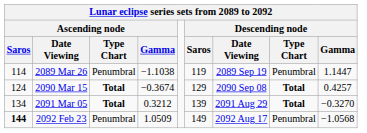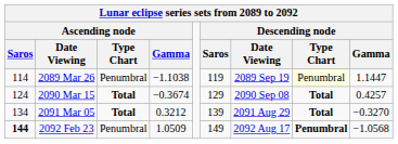 <table class="wikitable mw-collapsible mw-collapsed">
 <tr>
 <th class="nowrap" colspan="9"><a href='#'>Lunar eclipse</a> series sets from 2089 to 2092</th>
 </tr>
 <tr>
 <th scope="col" colspan="4">Ascending node</th>
 <td rowspan="11"> </td>
 <th scope="col" colspan="4">Descending node</th>
 </tr>
 <tr style="text-align: center;">
 <th scope="col"><a href='#'>Saros</a></th>
 <th scope="col">Date<br>Viewing</th>
 <th scope="col">Type<br>Chart</th>
 <th scope="col"><a href='#'>Gamma</a></th>
 <th scope="col">Saros</th>
 <th scope="col">Date<br>Viewing</th>
 <th scope="col">Type<br>Chart</th>
 <th scope="col">Gamma</th>
 </tr>
 <tr style="text-align: center;">
 <td>114</td>
 <td><a href='#'>2089 Mar 26</a><br></td>
 <td style="text-align:center;">Penumbral<br></td>
 <td>−1.1038</td>
 <td>119</td>
 <td><a href='#'>2089 Sep 19</a><br></td>
-<td style="text-align:center;">Penumbral<br></td>
+<td style="background: lightyellow; text-align:center;">Penumbral<br></td>
 <td>1.1447</td>
 </tr>
 <tr style="text-align: center;">
 <td>124</td>
 <td style="text-align:center;vertical-align:top;"><a href='#'>2090 Mar 15</a><br></td>
 <td style="text-align:center;"><strong>Total</strong><br></td>
 <td>−0.3674</td>
 <td>129</td>
 <td><a href='#'>2090 Sep 08</a><br></td>
 <td style="text-align:center;"><strong>Total</strong><br></td>
 <td>0.4257</td>
 </tr>
 <tr style="text-align: center;">
 <td>134</td>
 <td><a href='#'>2091 Mar 05</a><br></td>
 <td style="text-align:center;"><strong>Total</strong><br></td>
 <td>0.3212</td>
 <td>139</td>
 <td><a href='#'>2091 Aug 29</a><br></td>
 <td style="text-align:center;"><strong>Total</strong><br></td>
 <td>−0.3270</td>
 </tr>
 <tr style="text-align: center;">
 <td><strong>144</strong></td>
 <td><a href='#'>2092 Feb 23</a><br></td>
 <td style="text-align:center;">Penumbral<br></td>
 <td>1.0509</td>
 <td>149</td>
 <td><a href='#'>2092 Aug 17</a><br></td>
-<td style="text-align:center;">Penumbral<br></td>
+<td style="text-align:center;"><strong>Penumbral<br></strong></td>
 <td>−1.0568</td>
 </tr>
 </table>
